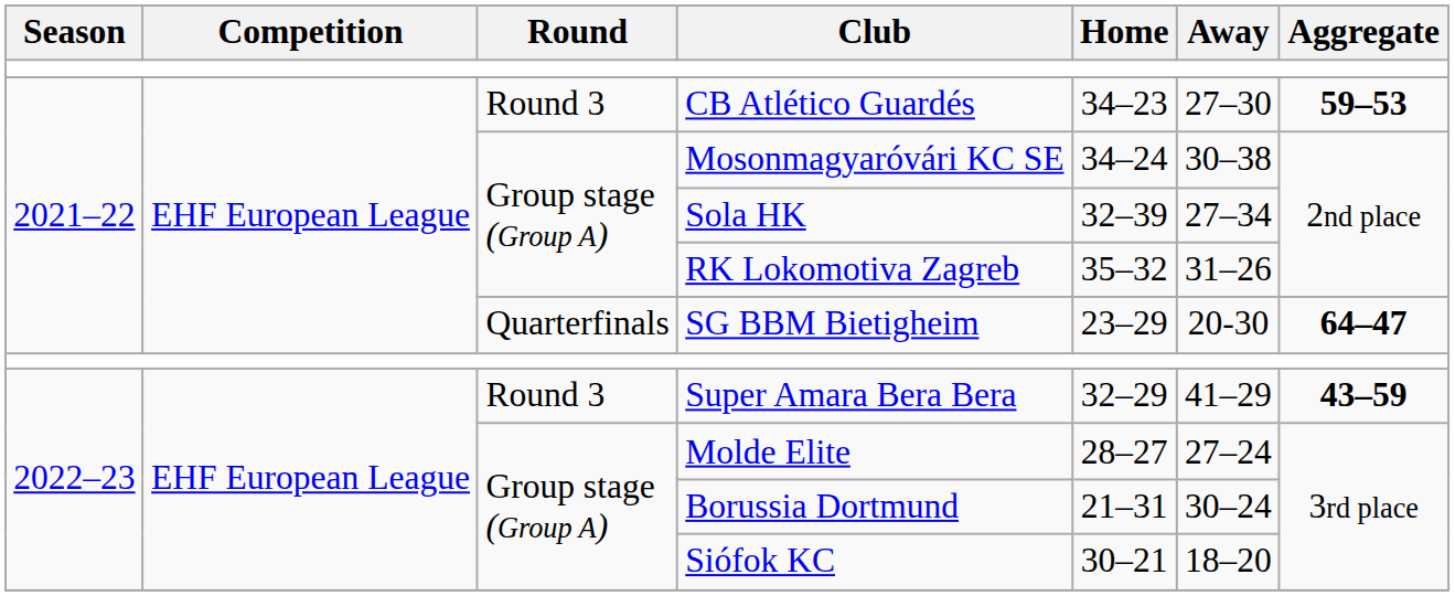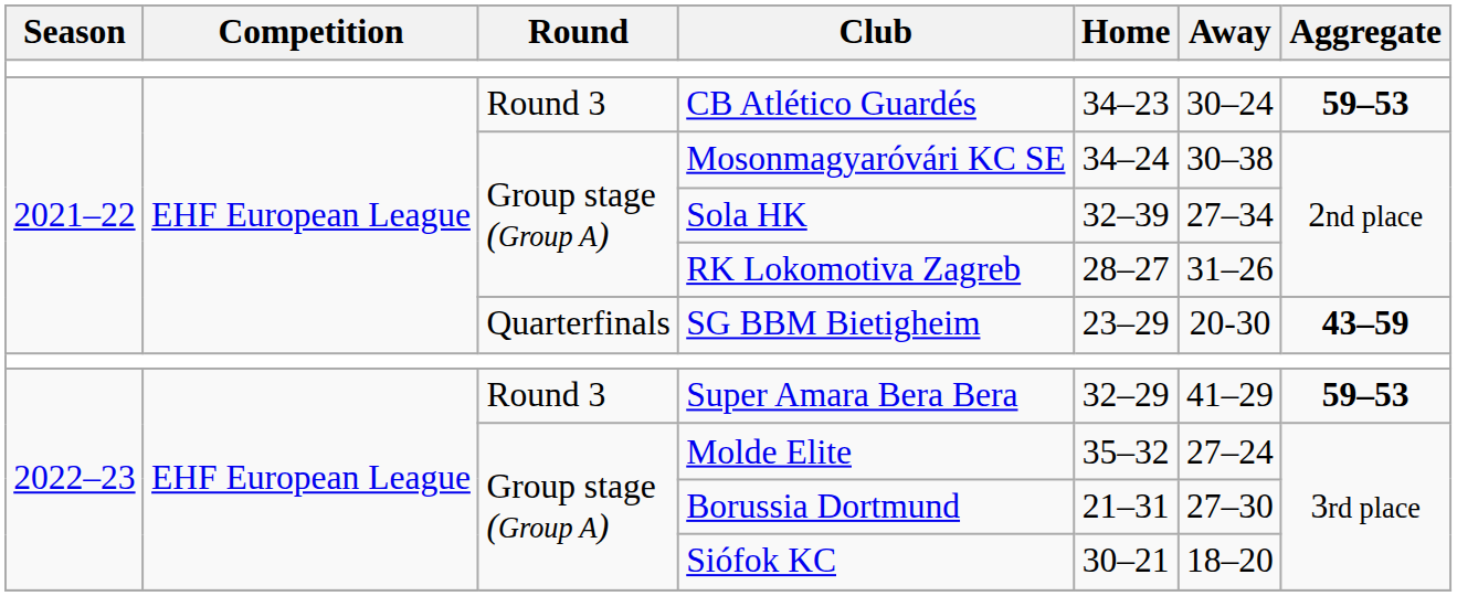 <table class="wikitable" style="text-align: left;">
 <tr>
 <th>Season</th>
 <th>Competition</th>
 <th>Round</th>
 <th>Club</th>
 <th>Home</th>
 <th>Away</th>
 <th>Aggregate</th>
 </tr>
 <tr>
 <td colspan=7 style="text-align: center;" bgcolor=white></td>
 </tr>
 <tr>
 <td rowspan=5><a href='#'>2021–22</a></td>
 <td rowspan=5><a href='#'>EHF European League</a></td>
 <td>Round 3</td>
 <td> <a href='#'>CB Atlético Guardés</a></td>
 <td style="text-align:center;">34–23</td>
-<td style="text-align:center;">27–30</td>
+<td style="text-align:center;">30–24</td>
 <td style="text-align:center;"><strong>59–53</strong></td>
 </tr>
 <tr>
 <td rowspan=3>Group stage<br><em>(<small>Group A</small>)</em></td>
 <td> <a href='#'>Mosonmagyaróvári KC SE</a></td>
 <td style="text-align:center;">34–24</td>
 <td style="text-align:center;">30–38</td>
 <td align=center rowspan=3>2<small>nd place</small></td>
 </tr>
 <tr>
 <td> <a href='#'>Sola HK</a></td>
 <td style="text-align:center;">32–39</td>
 <td style="text-align:center;">27–34</td>
 </tr>
 <tr>
 <td> <a href='#'>RK Lokomotiva Zagreb</a></td>
-<td style="text-align:center;">35–32</td>
+<td style="text-align:center;">28–27</td>
 <td style="text-align:center;">31–26</td>
 </tr>
 <tr>
 <td>Quarterfinals</td>
 <td> <a href='#'>SG BBM Bietigheim</a></td>
 <td style="text-align:center;">23–29</td>
 <td style="text-align:center;">20-30</td>
-<td style="text-align:center;"><strong>64–47</strong></td>
+<td style="text-align:center;"><strong>43–59</strong></td>
 </tr>
 <tr>
 <td colspan=7 style="text-align: center;" bgcolor=white></td>
 </tr>
 <tr>
 <td rowspan=4><a href='#'>2022–23</a></td>
 <td rowspan=4><a href='#'>EHF European League</a></td>
 <td>Round 3</td>
 <td> <a href='#'>Super Amara Bera Bera</a></td>
 <td style="text-align:center;">32–29</td>
 <td style="text-align:center;">41–29</td>
-<td style="text-align:center;"><strong>43–59</strong></td>
+<td style="text-align:center;"><strong>59–53</strong></td>
 </tr>
 <tr>
 <td rowspan=3>Group stage<br><em>(<small>Group A</small>)</em></td>
 <td> <a href='#'>Molde Elite</a></td>
-<td style="text-align:center;">28–27</td>
+<td style="text-align:center;">35–32</td>
 <td style="text-align:center;">27–24</td>
 <td align=center rowspan=3>3<small>rd place</small></td>
 </tr>
 <tr>
 <td> <a href='#'>Borussia Dortmund</a></td>
 <td style="text-align:center;">21–31</td>
-<td style="text-align:center;">30–24</td>
+<td style="text-align:center;">27–30</td>
 </tr>
 <tr>
 <td> <a href='#'>Siófok KC</a></td>
 <td style="text-align:center;">30–21</td>
 <td style="text-align:center;">18–20</td>
 </tr>
 <tr>
 </tr>
 </table>
